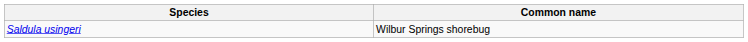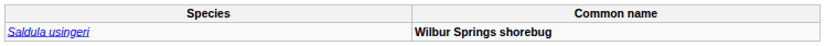 <table width=90% class="wikitable">
 <tr>
 <th width=25%>Species</th>
 <th width=25%>Common name</th>
 </tr>
 <tr>
 <td><em><a href='#'>Saldula usingeri</a></em></td>
-<td>Wilbur Springs shorebug</td>
+<td><strong>Wilbur Springs shorebug</strong></td>
 </tr>
 </table>
